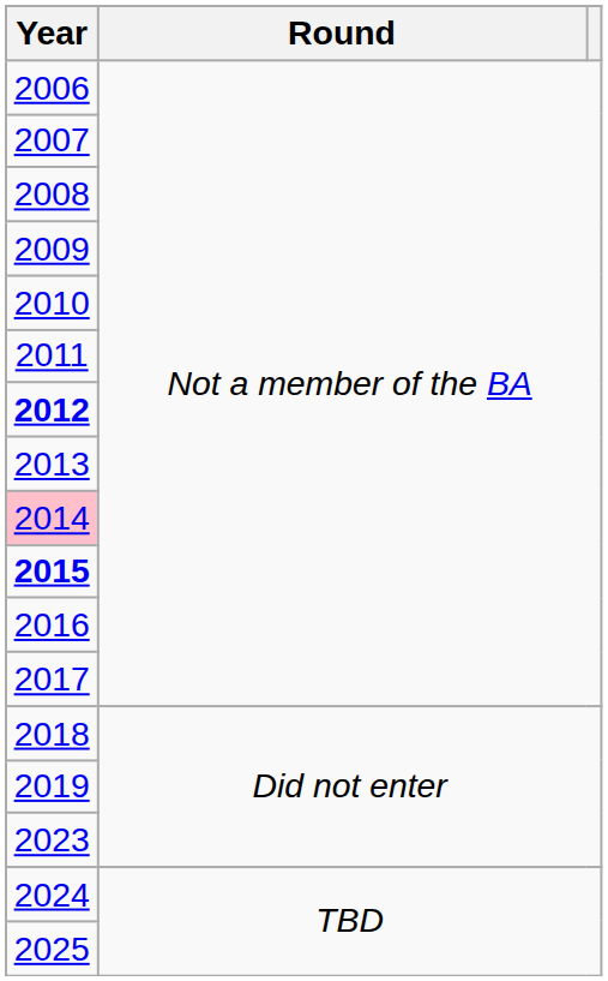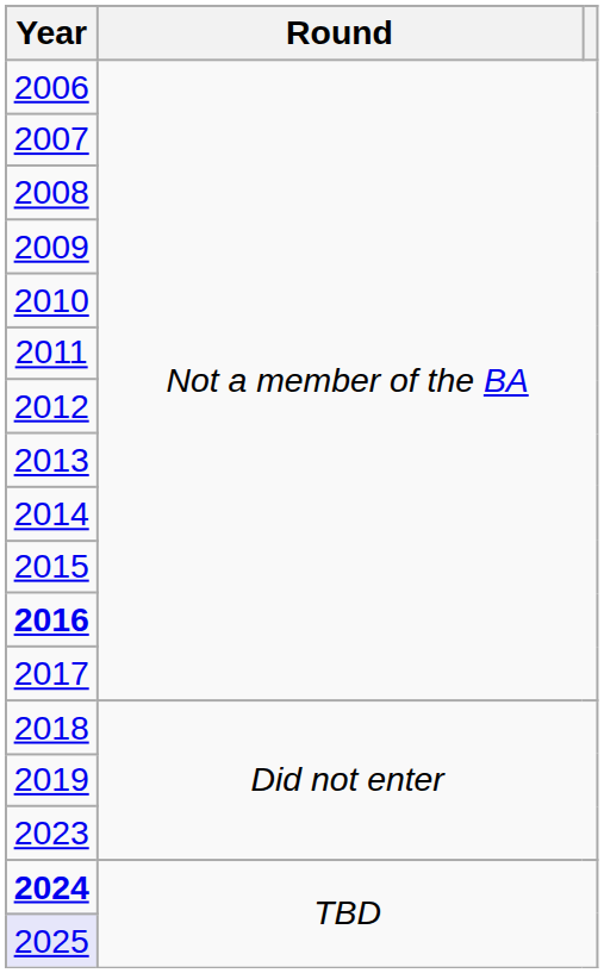 <table class="wikitable" style="text-align: center; font-size:90%">
 <tr>
 <th>Year</th>
 <th style="width:200px">Round</th>
 <th></th>
 </tr>
 <tr>
 <td><a href='#'>2006</a></td>
 <td colspan="2" rowspan="12"><em>Not a member of the <a href='#'>BA</a></em></td>
 </tr>
 <tr>
 <td><a href='#'>2007</a></td>
 </tr>
 <tr>
 <td><a href='#'>2008</a></td>
 </tr>
 <tr>
 <td><a href='#'>2009</a></td>
 </tr>
 <tr>
 <td><a href='#'>2010</a></td>
 </tr>
 <tr>
 <td><a href='#'>2011</a></td>
 </tr>
 <tr>
-<td><strong><a href='#'>2012</a></strong></td>
+<td><a href='#'>2012</a></td>
 </tr>
 <tr>
 <td><a href='#'>2013</a></td>
 </tr>
 <tr>
-<td style="background: pink;"><a href='#'>2014</a></td>
+<td><a href='#'>2014</a></td>
 </tr>
 <tr>
-<td><strong><a href='#'>2015</a></strong></td>
+<td><a href='#'>2015</a></td>
 </tr>
 <tr>
-<td><a href='#'>2016</a></td>
+<td><strong><a href='#'>2016</a></strong></td>
 </tr>
 <tr>
 <td><a href='#'>2017</a></td>
 </tr>
 <tr>
 <td><a href='#'>2018</a></td>
 <td colspan="2" rowspan="3"><em>Did not enter</em></td>
 </tr>
 <tr>
 <td><a href='#'>2019</a></td>
 </tr>
 <tr>
 <td><a href='#'>2023</a></td>
 </tr>
 <tr>
-<td><a href='#'>2024</a></td>
+<td><strong><a href='#'>2024</a></strong></td>
 <td colspan="2" rowspan="2"><em>TBD</em></td>
 </tr>
 <tr>
-<td><a href='#'>2025</a></td>
+<td style="background: lavender;"><a href='#'>2025</a></td>
 </tr>
 </table>
